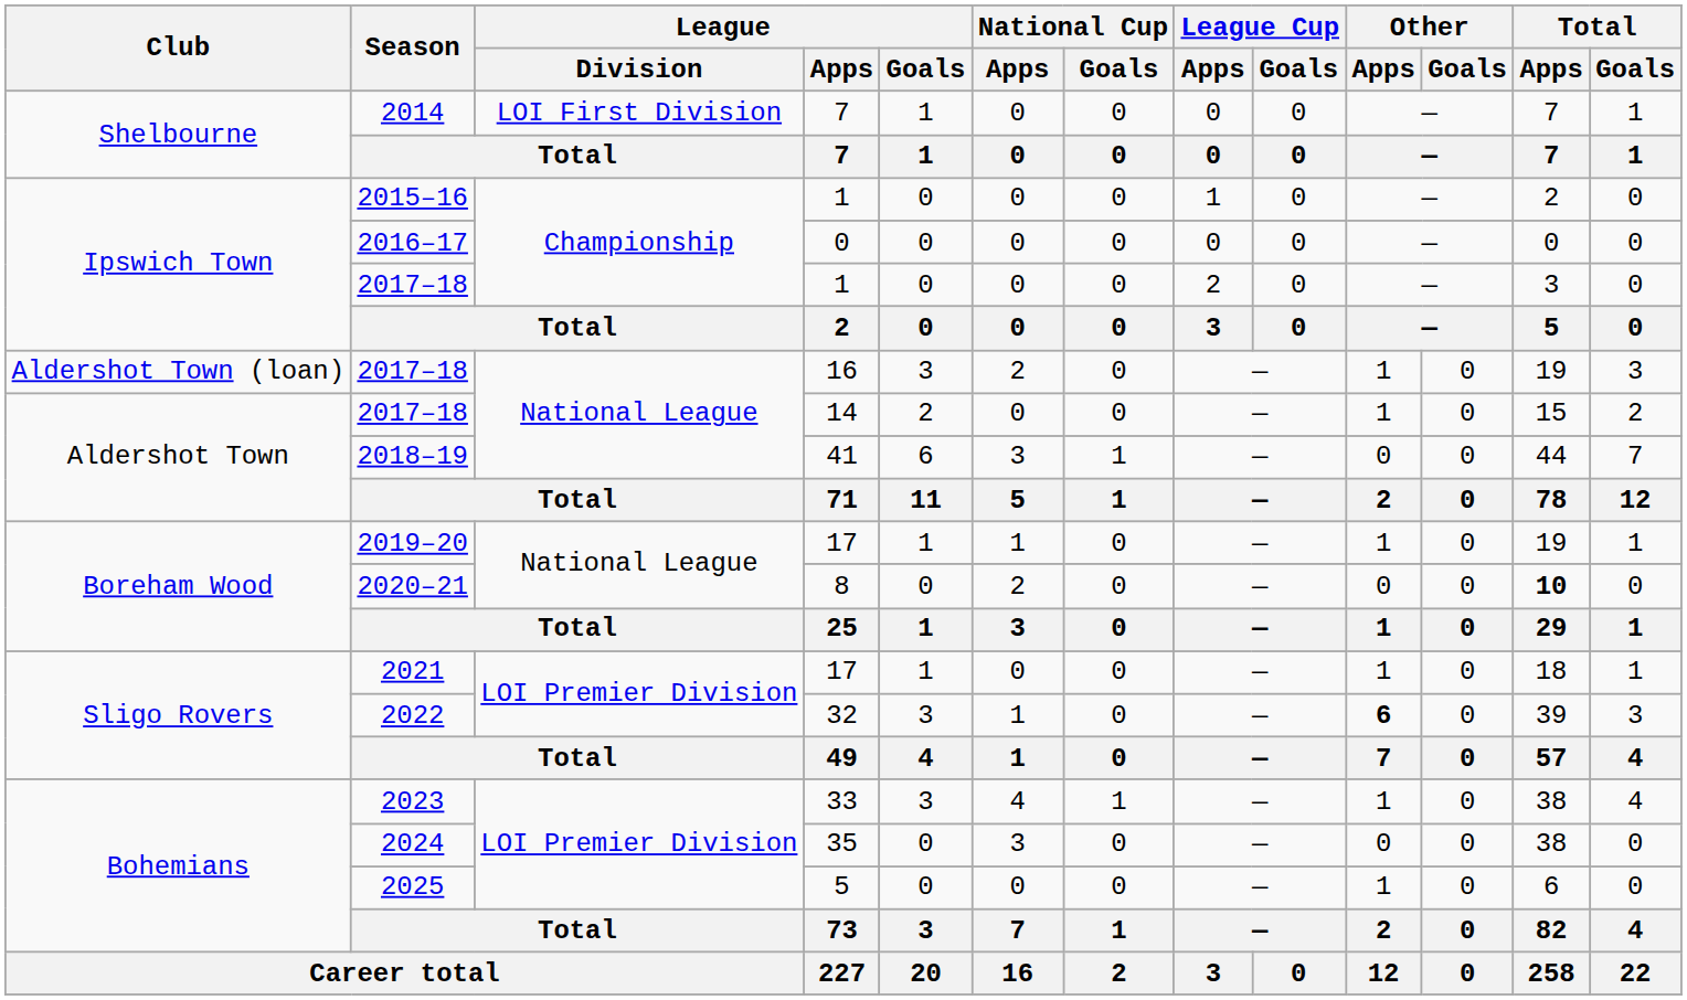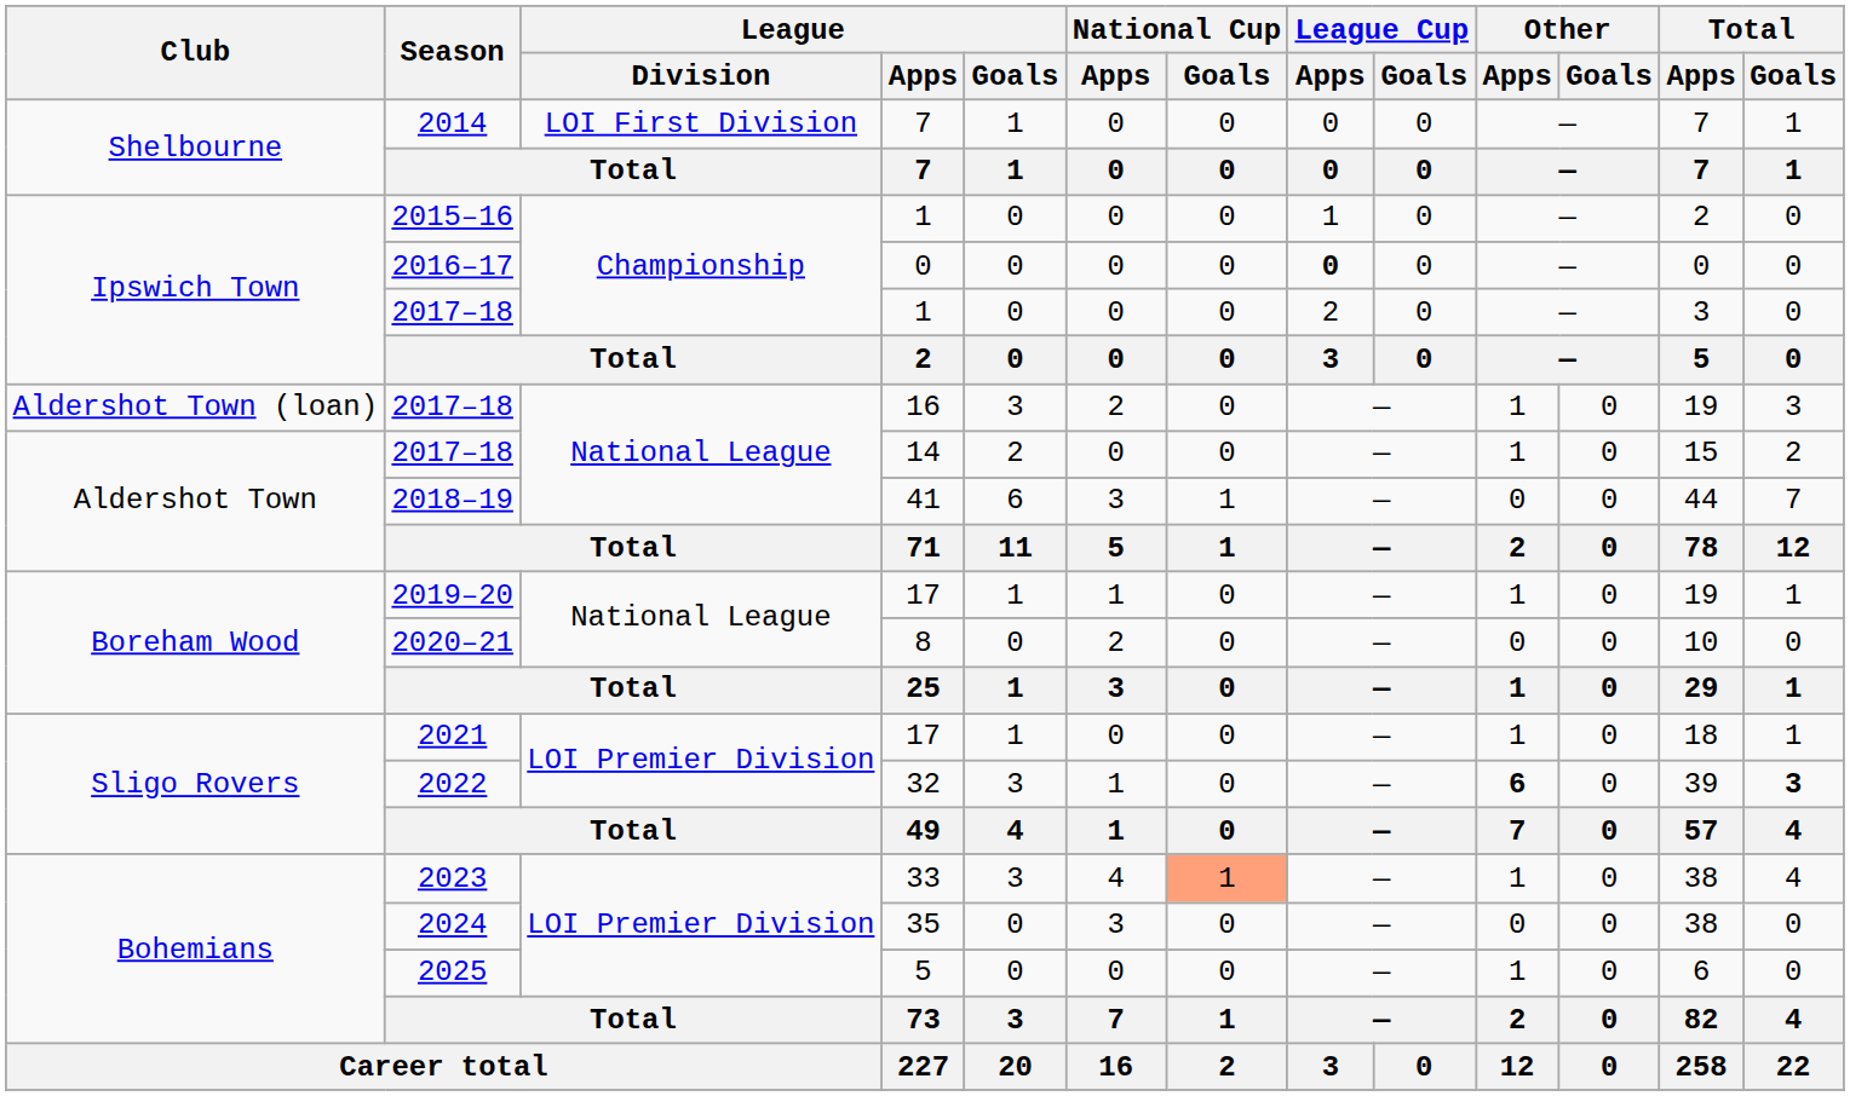 <table class="wikitable" style="text-align:center">
 <tr>
 <th rowspan="2">Club</th>
 <th rowspan="2">Season</th>
 <th colspan="3">League</th>
 <th colspan="2">National Cup</th>
 <th colspan="2"><a href='#'>League Cup</a></th>
 <th colspan="2">Other</th>
 <th colspan="2">Total</th>
 </tr>
 <tr>
 <th>Division</th>
 <th>Apps</th>
 <th>Goals</th>
 <th>Apps</th>
 <th>Goals</th>
 <th>Apps</th>
 <th>Goals</th>
 <th>Apps</th>
 <th>Goals</th>
 <th>Apps</th>
 <th>Goals</th>
 </tr>
 <tr>
 <td rowspan="2"><a href='#'>Shelbourne</a></td>
 <td><a href='#'>2014</a></td>
 <td><a href='#'>LOI First Division</a></td>
 <td>7</td>
 <td>1</td>
 <td>0</td>
 <td>0</td>
 <td>0</td>
 <td>0</td>
 <td colspan="2">—</td>
 <td>7</td>
 <td>1</td>
 </tr>
 <tr>
 <th colspan="2">Total</th>
 <th>7</th>
 <th>1</th>
 <th>0</th>
 <th>0</th>
 <th>0</th>
 <th>0</th>
 <th colspan="2">—</th>
 <th>7</th>
 <th>1</th>
 </tr>
 <tr>
 <td rowspan="4"><a href='#'>Ipswich Town</a></td>
 <td><a href='#'>2015–16</a></td>
 <td rowspan="3"><a href='#'>Championship</a></td>
 <td>1</td>
 <td>0</td>
 <td>0</td>
 <td>0</td>
 <td>1</td>
 <td>0</td>
 <td colspan="2">—</td>
 <td>2</td>
 <td>0</td>
 </tr>
 <tr>
 <td><a href='#'>2016–17</a></td>
 <td>0</td>
 <td>0</td>
 <td>0</td>
 <td>0</td>
-<td>0</td>
+<td><strong>0</strong></td>
 <td>0</td>
 <td colspan="2">—</td>
 <td>0</td>
 <td>0</td>
 </tr>
 <tr>
 <td><a href='#'>2017–18</a></td>
 <td>1</td>
 <td>0</td>
 <td>0</td>
 <td>0</td>
 <td>2</td>
 <td>0</td>
 <td colspan="2">—</td>
 <td>3</td>
 <td>0</td>
 </tr>
 <tr>
 <th colspan="2">Total</th>
 <th>2</th>
 <th>0</th>
 <th>0</th>
 <th>0</th>
 <th>3</th>
 <th>0</th>
 <th colspan="2">—</th>
 <th>5</th>
 <th>0</th>
 </tr>
 <tr>
 <td><a href='#'>Aldershot Town</a> (loan)</td>
 <td><a href='#'>2017–18</a></td>
 <td rowspan="3"><a href='#'>National League</a></td>
 <td>16</td>
 <td>3</td>
 <td>2</td>
 <td>0</td>
 <td colspan="2">—</td>
 <td>1</td>
 <td>0</td>
 <td>19</td>
 <td>3</td>
 </tr>
 <tr>
 <td rowspan="3">Aldershot Town</td>
 <td><a href='#'>2017–18</a></td>
 <td>14</td>
 <td>2</td>
 <td>0</td>
 <td>0</td>
 <td colspan="2">—</td>
 <td>1</td>
 <td>0</td>
 <td>15</td>
 <td>2</td>
 </tr>
 <tr>
 <td><a href='#'>2018–19</a></td>
 <td>41</td>
 <td>6</td>
 <td>3</td>
 <td>1</td>
 <td colspan="2">—</td>
 <td>0</td>
 <td>0</td>
 <td>44</td>
 <td>7</td>
 </tr>
 <tr>
 <th colspan="2">Total</th>
 <th>71</th>
 <th>11</th>
 <th>5</th>
 <th>1</th>
 <th colspan="2">—</th>
 <th>2</th>
 <th>0</th>
 <th>78</th>
 <th>12</th>
 </tr>
 <tr>
 <td rowspan="3"><a href='#'>Boreham Wood</a></td>
 <td><a href='#'>2019–20</a></td>
 <td rowspan="2">National League</td>
 <td>17</td>
 <td>1</td>
 <td>1</td>
 <td>0</td>
 <td colspan="2">—</td>
 <td>1</td>
 <td>0</td>
 <td>19</td>
 <td>1</td>
 </tr>
 <tr>
 <td><a href='#'>2020–21</a></td>
 <td>8</td>
 <td>0</td>
 <td>2</td>
 <td>0</td>
 <td colspan="2">—</td>
 <td>0</td>
 <td>0</td>
-<td><strong>10</strong></td>
+<td>10</td>
 <td>0</td>
 </tr>
 <tr>
 <th colspan="2">Total</th>
 <th>25</th>
 <th>1</th>
 <th>3</th>
 <th>0</th>
 <th colspan="2">—</th>
 <th>1</th>
 <th>0</th>
 <th>29</th>
 <th>1</th>
 </tr>
 <tr>
 <td rowspan="3"><a href='#'>Sligo Rovers</a></td>
 <td><a href='#'>2021</a></td>
 <td rowspan="2"><a href='#'>LOI Premier Division</a></td>
 <td>17</td>
 <td>1</td>
 <td>0</td>
 <td>0</td>
 <td colspan="2">—</td>
 <td>1</td>
 <td>0</td>
 <td>18</td>
 <td>1</td>
 </tr>
 <tr>
 <td><a href='#'>2022</a></td>
 <td>32</td>
 <td>3</td>
 <td>1</td>
 <td>0</td>
 <td colspan="2">—</td>
 <td><strong>6</strong></td>
 <td>0</td>
 <td>39</td>
-<td>3</td>
+<td><strong>3</strong></td>
 </tr>
 <tr>
 <th colspan="2">Total</th>
 <th>49</th>
 <th>4</th>
 <th>1</th>
 <th>0</th>
 <th colspan="2">—</th>
 <th>7</th>
 <th>0</th>
 <th>57</th>
 <th>4</th>
 </tr>
 <tr>
 <td rowspan="4"><a href='#'>Bohemians</a></td>
 <td><a href='#'>2023</a></td>
 <td rowspan="3"><a href='#'>LOI Premier Division</a></td>
 <td>33</td>
 <td>3</td>
 <td>4</td>
-<td>1</td>
+<td style="background: lightsalmon;">1</td>
 <td colspan="2">—</td>
 <td>1</td>
 <td>0</td>
 <td>38</td>
 <td>4</td>
 </tr>
 <tr>
 <td><a href='#'>2024</a></td>
 <td>35</td>
 <td>0</td>
 <td>3</td>
 <td>0</td>
 <td colspan="2">—</td>
 <td>0</td>
 <td>0</td>
 <td>38</td>
 <td>0</td>
 </tr>
 <tr>
 <td><a href='#'>2025</a></td>
 <td>5</td>
 <td>0</td>
 <td>0</td>
 <td>0</td>
 <td colspan="2">—</td>
 <td>1</td>
 <td>0</td>
 <td>6</td>
 <td>0</td>
 </tr>
 <tr>
 <th colspan="2">Total</th>
 <th>73</th>
 <th>3</th>
 <th>7</th>
 <th>1</th>
 <th colspan="2">—</th>
 <th>2</th>
 <th>0</th>
 <th>82</th>
 <th>4</th>
 </tr>
 <tr>
 <th colspan="3">Career total</th>
 <th>227</th>
 <th>20</th>
 <th>16</th>
 <th>2</th>
 <th>3</th>
 <th>0</th>
 <th>12</th>
 <th>0</th>
 <th>258</th>
 <th>22</th>
 </tr>
 </table>
